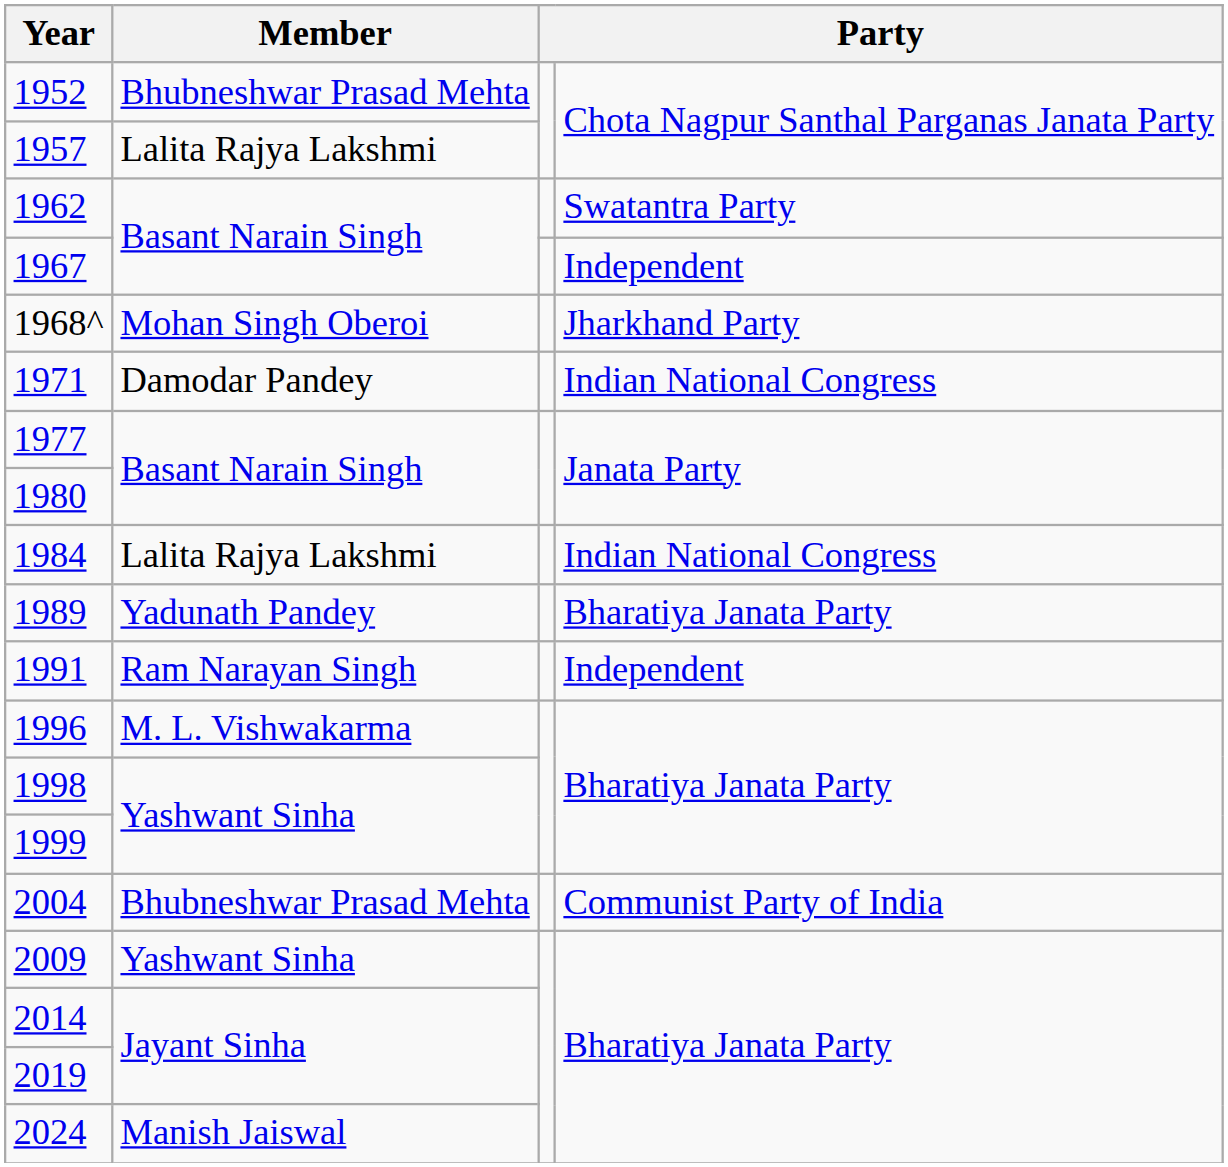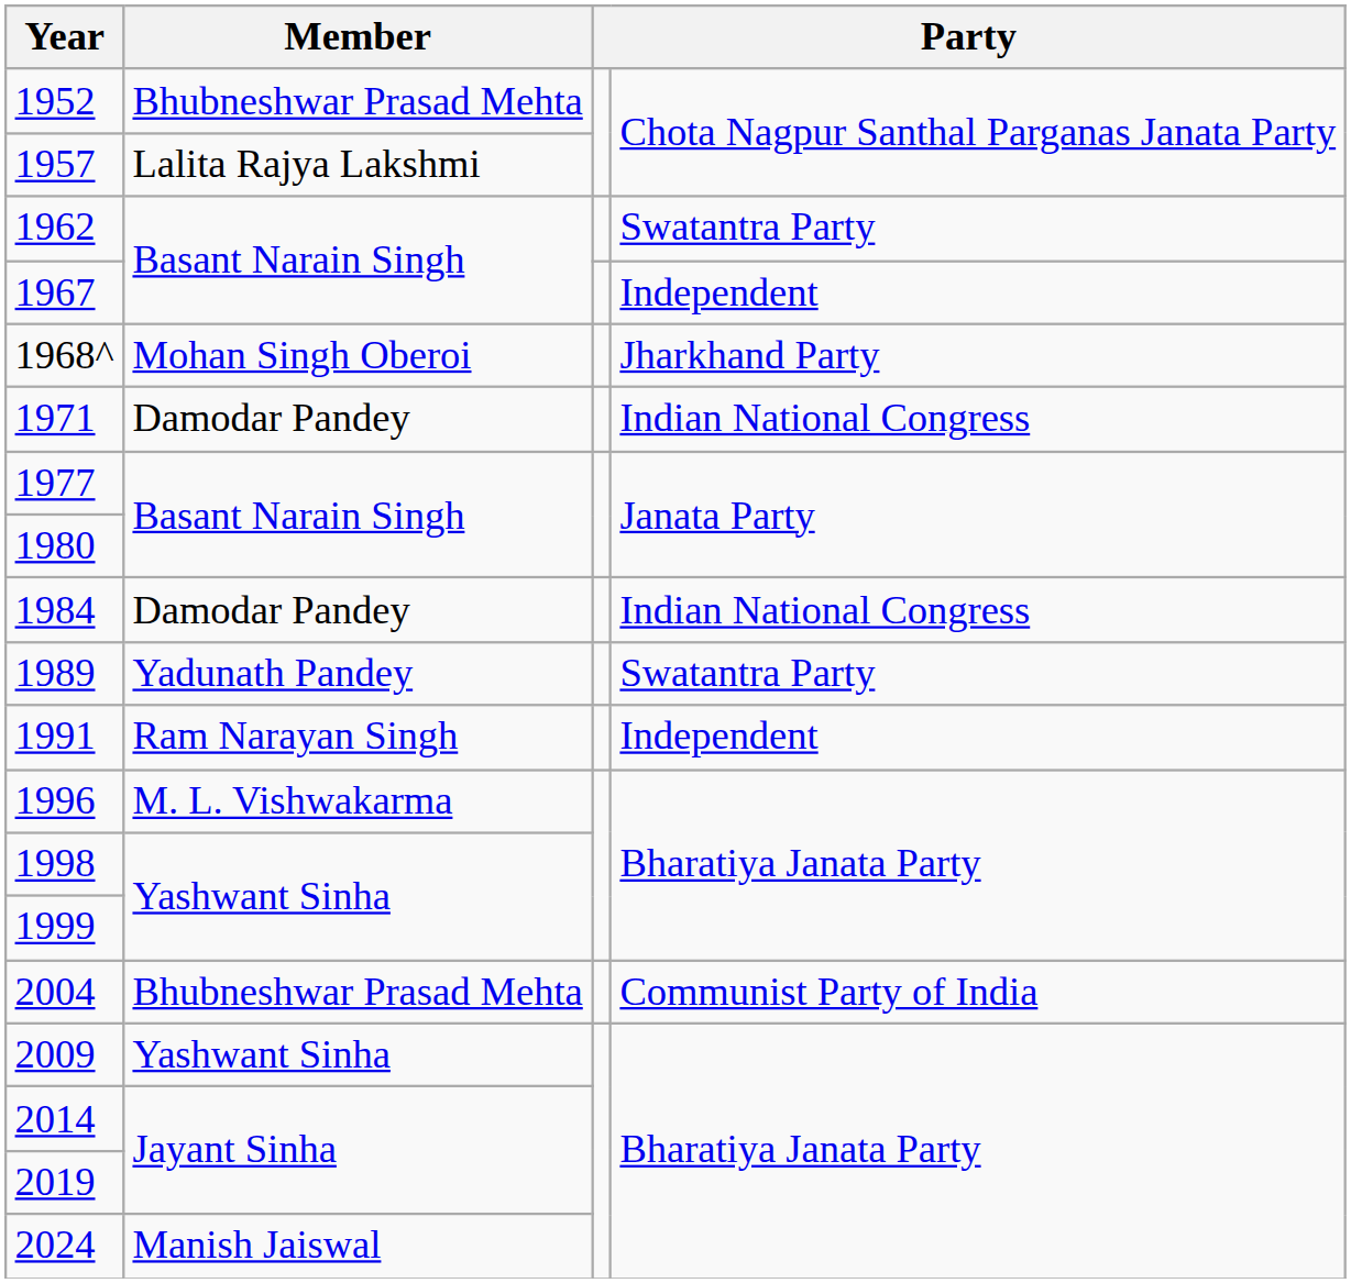 <table class="wikitable">
 <tr>
 <th>Year</th>
 <th>Member</th>
 <th colspan="2">Party</th>
 </tr>
 <tr>
 <td><a href='#'>1952</a></td>
 <td><a href='#'>Bhubneshwar Prasad Mehta</a></td>
 <td rowspan="2" style="background-color: "></td>
 <td rowspan="2"><a href='#'>Chota Nagpur Santhal Parganas Janata Party</a></td>
 </tr>
 <tr>
 <td><a href='#'>1957</a></td>
 <td>Lalita Rajya Lakshmi</td>
 </tr>
 <tr>
 <td><a href='#'>1962</a></td>
 <td rowspan="2"><a href='#'>Basant Narain Singh</a></td>
 <td style="background-color: "></td>
 <td><a href='#'>Swatantra Party</a></td>
 </tr>
 <tr>
 <td><a href='#'>1967</a></td>
 <td style="background-color: "></td>
 <td><a href='#'>Independent</a></td>
 </tr>
 <tr>
 <td>1968^</td>
 <td><a href='#'>Mohan Singh Oberoi</a></td>
 <td style="background-color: "></td>
 <td><a href='#'>Jharkhand Party</a></td>
 </tr>
 <tr>
 <td><a href='#'>1971</a></td>
 <td>Damodar Pandey</td>
 <td style="background-color: "></td>
 <td><a href='#'>Indian National Congress</a></td>
 </tr>
 <tr>
 <td><a href='#'>1977</a></td>
 <td rowspan="2"><a href='#'>Basant Narain Singh</a></td>
 <td rowspan="2" style="background-color: "></td>
 <td rowspan="2"><a href='#'>Janata Party</a></td>
 </tr>
 <tr>
 <td><a href='#'>1980</a></td>
 </tr>
 <tr>
 <td><a href='#'>1984</a></td>
-<td>Lalita Rajya Lakshmi</td>
+<td>Damodar Pandey</td>
 <td style="background-color: "></td>
 <td><a href='#'>Indian National Congress</a></td>
 </tr>
 <tr>
 <td><a href='#'>1989</a></td>
 <td><a href='#'>Yadunath Pandey</a></td>
 <td style="background-color: "></td>
-<td><a href='#'>Bharatiya Janata Party</a></td>
+<td><a href='#'>Swatantra Party</a></td>
 </tr>
 <tr>
 <td><a href='#'>1991</a></td>
 <td><a href='#'>Ram Narayan Singh</a></td>
 <td style="background-color: "></td>
 <td><a href='#'>Independent</a></td>
 </tr>
 <tr>
 <td><a href='#'>1996</a></td>
 <td><a href='#'>M. L. Vishwakarma</a></td>
 <td rowspan="3" style="background-color: "></td>
 <td rowspan="3"><a href='#'>Bharatiya Janata Party</a></td>
 </tr>
 <tr>
 <td><a href='#'>1998</a></td>
 <td rowspan="2"><a href='#'>Yashwant Sinha</a></td>
 </tr>
 <tr>
 <td><a href='#'>1999</a></td>
 </tr>
 <tr>
 <td><a href='#'>2004</a></td>
 <td><a href='#'>Bhubneshwar Prasad Mehta</a></td>
 <td style="background-color: "></td>
 <td><a href='#'>Communist Party of India</a></td>
 </tr>
 <tr>
 <td><a href='#'>2009</a></td>
 <td><a href='#'>Yashwant Sinha</a></td>
 <td rowspan="4" style="background-color: "></td>
 <td rowspan="4"><a href='#'>Bharatiya Janata Party</a></td>
 </tr>
 <tr>
 <td><a href='#'>2014</a></td>
 <td rowspan="2"><a href='#'>Jayant Sinha</a></td>
 </tr>
 <tr>
 <td><a href='#'>2019</a></td>
 </tr>
 <tr>
 <td><a href='#'>2024</a></td>
 <td><a href='#'>Manish Jaiswal</a></td>
 </tr>
 </table>
